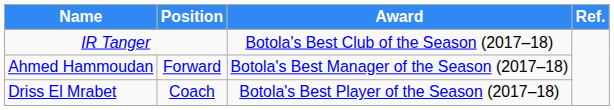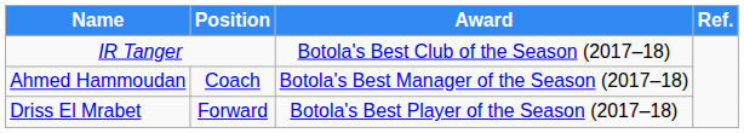 <table class="wikitable">
 <tr>
 <th style="background:#3088f2; color:#ffffff; ">Name</th>
 <th style="background:#3088f2; color:#ffffff; ">Position</th>
 <th style="background:#3088f2; color:#ffffff; ">Award</th>
 <th style="background:#3088f2; color:#ffffff; ">Ref.</th>
 </tr>
 <tr>
 <td colspan="2" align="center"><em><a href='#'>IR Tanger</a></em></td>
 <td align="center"><a href='#'>Botola's Best Club of the Season</a> (2017–18)</td>
 <td rowspan="3"></td>
 </tr>
 <tr>
 <td> <a href='#'>Ahmed Hammoudan</a></td>
-<td align="center"><a href='#'>Forward</a></td>
+<td align="center"><a href='#'>Coach</a></td>
 <td align="center"><a href='#'>Botola's Best Manager of the Season</a> (2017–18)</td>
 </tr>
 <tr>
 <td> <a href='#'>Driss El Mrabet</a></td>
-<td align="center"><a href='#'>Coach</a></td>
+<td align="center"><a href='#'>Forward</a></td>
 <td align="center"><a href='#'>Botola's Best Player of the Season</a> (2017–18)</td>
 </tr>
 </table>
